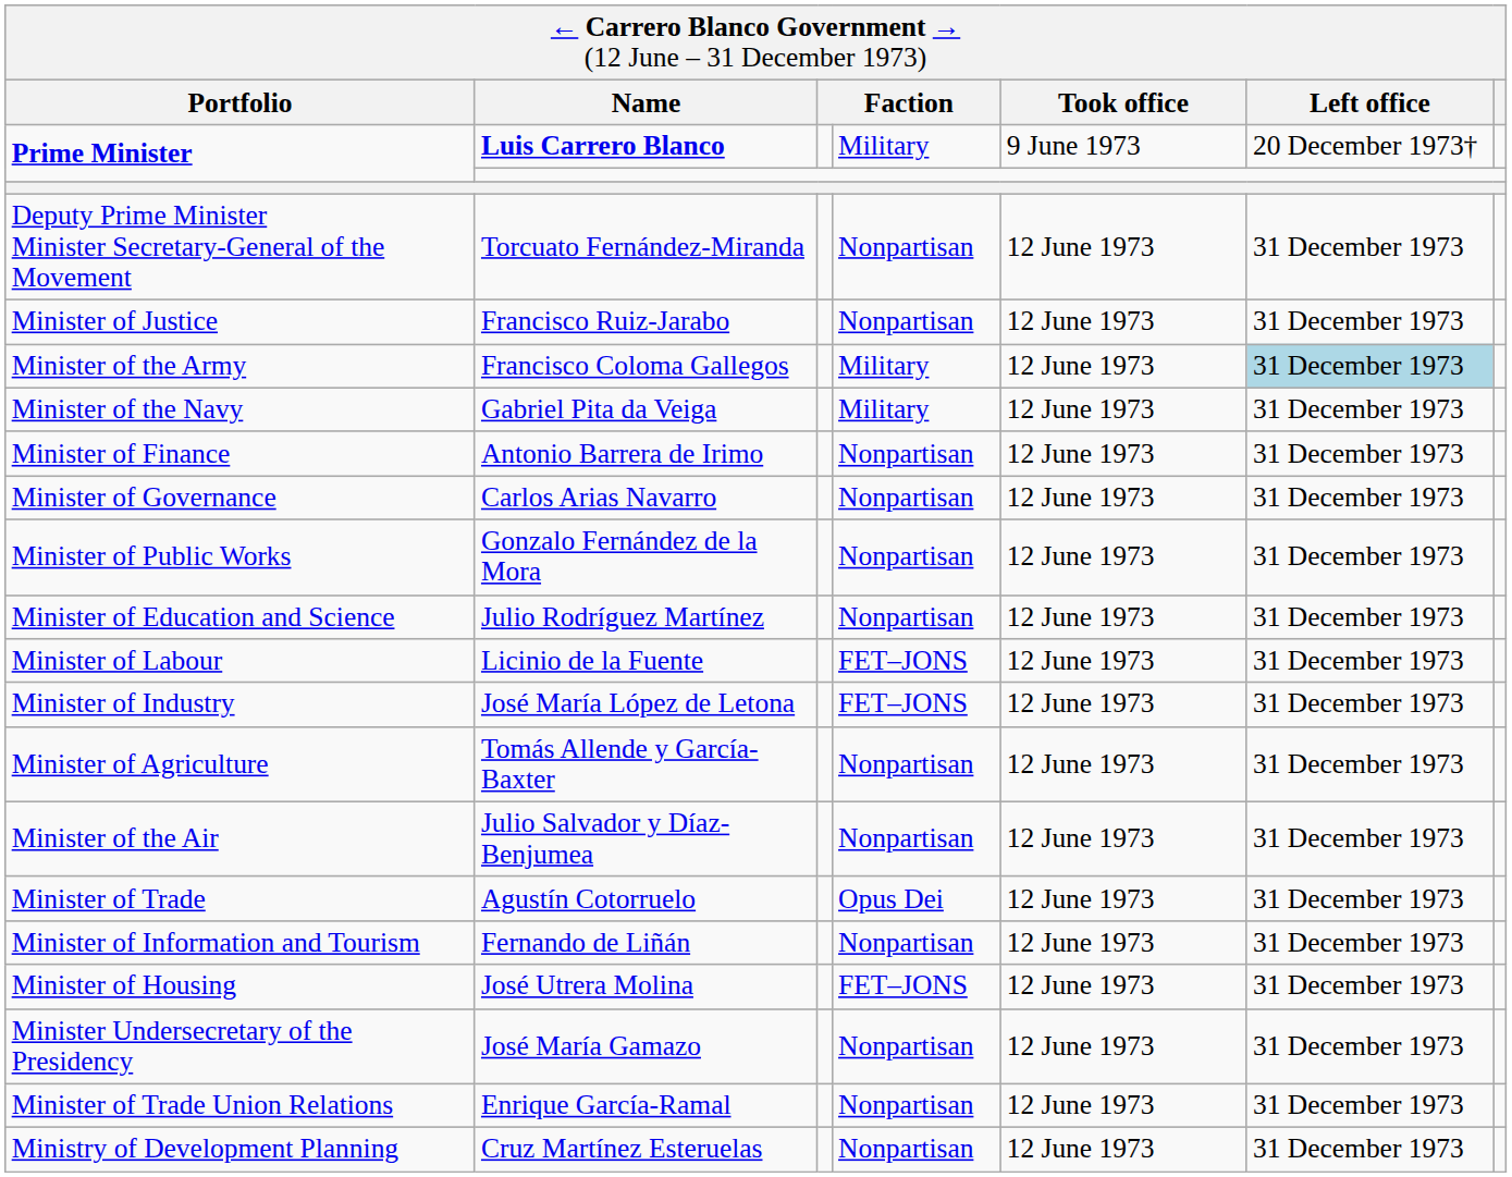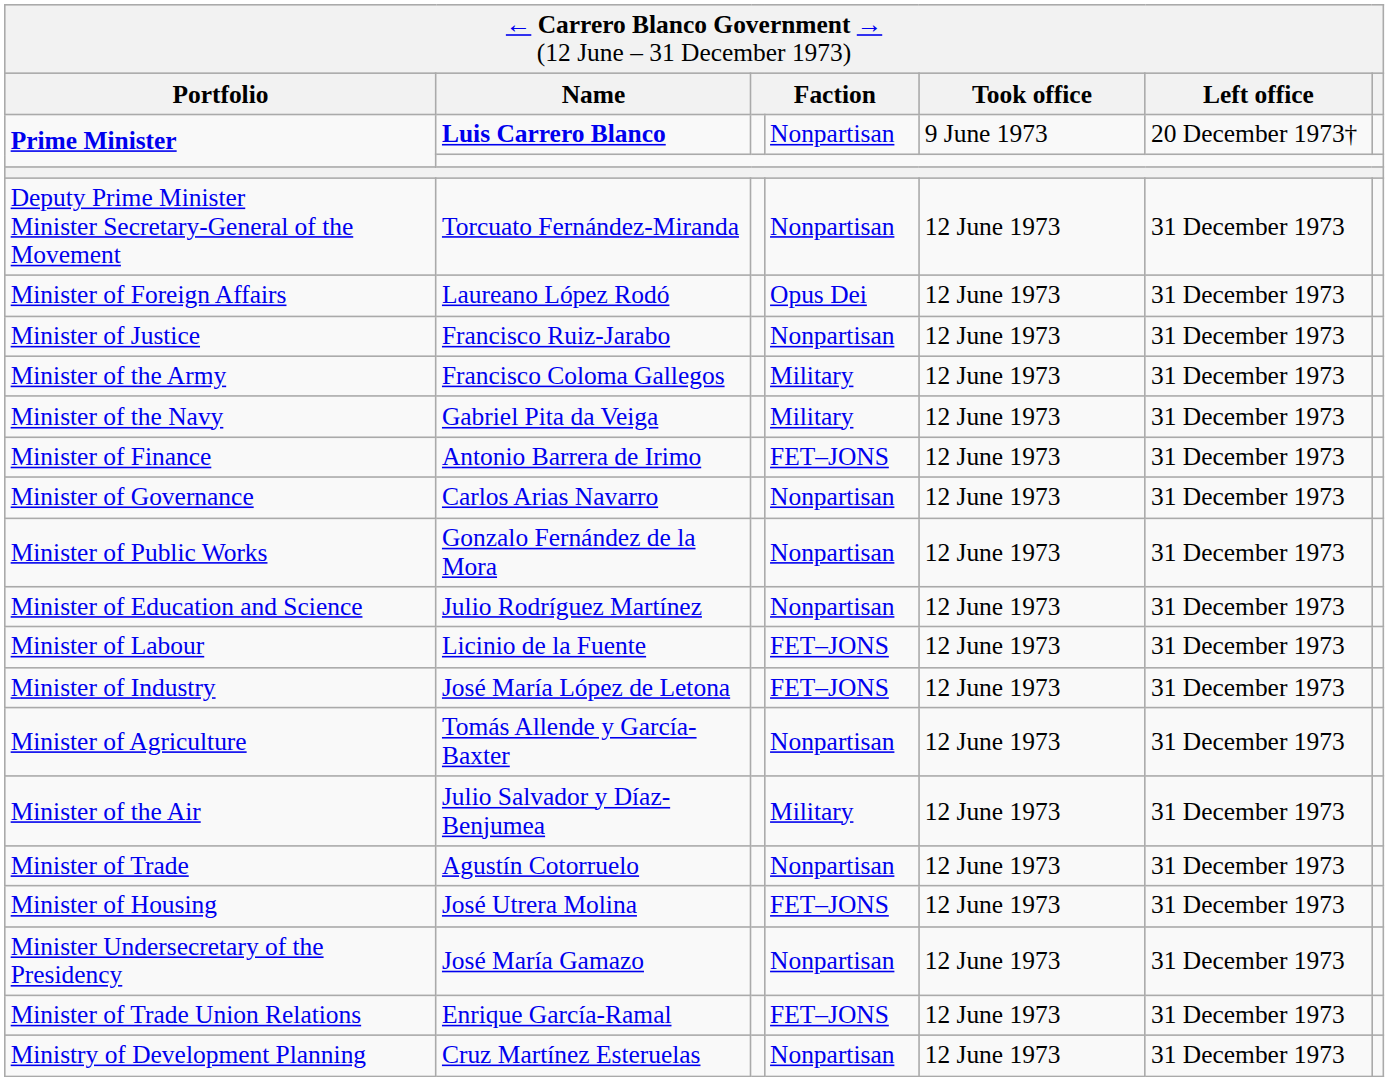 <table class="wikitable">
 <tr>
 <td colspan="7" bgcolor="#F2F2F2" align="center"><a href='#'>←</a> <strong>Carrero Blanco Government</strong> <a href='#'>→</a><br>(12 June – 31 December 1973)</td>
 </tr>
 <tr>
 <th>Portfolio</th>
 <th>Name</th>
 <th width="100px" colspan="2">Faction</th>
 <th width="135px">Took office</th>
 <th width="135px">Left office</th>
 <th></th>
 </tr>
 <tr>
 <td rowspan="2"><strong><a href='#'>Prime Minister</a></strong></td>
 <td><strong><a href='#'>Luis Carrero Blanco</a></strong></td>
 <td width="1" style="background-color:"></td>
-<td><a href='#'>Military</a></td>
+<td><a href='#'>Nonpartisan</a></td>
 <td>9 June 1973</td>
 <td>20 December 1973†</td>
 <td align="center"></td>
 </tr>
 <tr>
 <td colspan="6"></td>
 </tr>
 <tr>
 <th colspan="7"></th>
 </tr>
 <tr>
 <td><a href='#'>Deputy Prime Minister</a><br><a href='#'>Minister Secretary-General of the Movement</a></td>
 <td><a href='#'>Torcuato Fernández-Miranda</a></td>
 <td style="background-color:"></td>
 <td><a href='#'>Nonpartisan</a></td>
 <td>12 June 1973</td>
 <td>31 December 1973</td>
 <td align="center"><br></td>
 </tr>
 <tr>
+<td><a href='#'>Minister of Foreign Affairs</a></td>
+<td><a href='#'>Laureano López Rodó</a></td>
+<td style="background-color:"></td>
+<td><a href='#'>Opus Dei</a></td>
+<td>12 June 1973</td>
+<td>31 December 1973</td>
+<td align="center"></td>
+</tr>
+<tr>
 <td><a href='#'>Minister of Justice</a></td>
 <td><a href='#'>Francisco Ruiz-Jarabo</a></td>
 <td style="background-color:"></td>
 <td><a href='#'>Nonpartisan</a></td>
 <td>12 June 1973</td>
 <td>31 December 1973</td>
 <td align="center"></td>
 </tr>
 <tr>
 <td><a href='#'>Minister of the Army</a></td>
 <td><a href='#'>Francisco Coloma Gallegos</a></td>
 <td style="background-color:"></td>
 <td><a href='#'>Military</a></td>
 <td>12 June 1973</td>
-<td style="background: lightblue;">31 December 1973</td>
+<td>31 December 1973</td>
 <td align="center"></td>
 </tr>
 <tr>
 <td><a href='#'>Minister of the Navy</a></td>
 <td><a href='#'>Gabriel Pita da Veiga</a></td>
 <td style="background-color:"></td>
 <td><a href='#'>Military</a></td>
 <td>12 June 1973</td>
 <td>31 December 1973</td>
 <td align="center"></td>
 </tr>
 <tr>
 <td><a href='#'>Minister of Finance</a></td>
 <td><a href='#'>Antonio Barrera de Irimo</a></td>
 <td style="background-color:"></td>
-<td><a href='#'>Nonpartisan</a></td>
+<td><a href='#'>FET–JONS</a></td>
 <td>12 June 1973</td>
 <td>31 December 1973</td>
 <td align="center"></td>
 </tr>
 <tr>
 <td><a href='#'>Minister of Governance</a></td>
 <td><a href='#'>Carlos Arias Navarro</a></td>
 <td style="background-color:"></td>
 <td><a href='#'>Nonpartisan</a></td>
 <td>12 June 1973</td>
 <td>31 December 1973</td>
 <td align="center"></td>
 </tr>
 <tr>
 <td><a href='#'>Minister of Public Works</a></td>
 <td><a href='#'>Gonzalo Fernández de la Mora</a></td>
 <td style="background-color:"></td>
 <td><a href='#'>Nonpartisan</a></td>
 <td>12 June 1973</td>
 <td>31 December 1973</td>
 <td align="center"></td>
 </tr>
 <tr>
 <td><a href='#'>Minister of Education and Science</a></td>
 <td><a href='#'>Julio Rodríguez Martínez</a></td>
 <td style="background-color:"></td>
 <td><a href='#'>Nonpartisan</a></td>
 <td>12 June 1973</td>
 <td>31 December 1973</td>
 <td align="center"></td>
 </tr>
 <tr>
 <td><a href='#'>Minister of Labour</a></td>
 <td><a href='#'>Licinio de la Fuente</a></td>
 <td style="background-color:"></td>
 <td><a href='#'>FET–JONS</a></td>
 <td>12 June 1973</td>
 <td>31 December 1973</td>
 <td align="center"></td>
 </tr>
 <tr>
 <td><a href='#'>Minister of Industry</a></td>
 <td><a href='#'>José María López de Letona</a></td>
 <td style="background-color:"></td>
 <td><a href='#'>FET–JONS</a></td>
 <td>12 June 1973</td>
 <td>31 December 1973</td>
 <td align="center"></td>
 </tr>
 <tr>
 <td><a href='#'>Minister of Agriculture</a></td>
 <td><a href='#'>Tomás Allende y García-Baxter</a></td>
 <td style="background-color:"></td>
 <td><a href='#'>Nonpartisan</a></td>
 <td>12 June 1973</td>
 <td>31 December 1973</td>
 <td align="center"></td>
 </tr>
 <tr>
 <td><a href='#'>Minister of the Air</a></td>
 <td><a href='#'>Julio Salvador y Díaz-Benjumea</a></td>
 <td style="background-color:"></td>
-<td><a href='#'>Nonpartisan</a></td>
+<td><a href='#'>Military</a></td>
 <td>12 June 1973</td>
 <td>31 December 1973</td>
 <td align="center"></td>
 </tr>
 <tr>
 <td><a href='#'>Minister of Trade</a></td>
 <td><a href='#'>Agustín Cotorruelo</a></td>
-<td style="background-color:"></td>
-<td><a href='#'>Opus Dei</a></td>
-<td>12 June 1973</td>
-<td>31 December 1973</td>
-<td align="center"></td>
-</tr>
-<tr>
-<td><a href='#'>Minister of Information and Tourism</a></td>
-<td><a href='#'>Fernando de Liñán</a></td>
 <td style="background-color:"></td>
 <td><a href='#'>Nonpartisan</a></td>
 <td>12 June 1973</td>
 <td>31 December 1973</td>
 <td align="center"></td>
 </tr>
 <tr>
 <td><a href='#'>Minister of Housing</a></td>
 <td><a href='#'>José Utrera Molina</a></td>
 <td style="background-color:"></td>
 <td><a href='#'>FET–JONS</a></td>
 <td>12 June 1973</td>
 <td>31 December 1973</td>
 <td align="center"></td>
 </tr>
 <tr>
 <td><a href='#'>Minister Undersecretary of the Presidency</a></td>
 <td><a href='#'>José María Gamazo</a></td>
 <td style="background-color:"></td>
 <td><a href='#'>Nonpartisan</a></td>
 <td>12 June 1973</td>
 <td>31 December 1973</td>
 <td align="center"></td>
 </tr>
 <tr>
 <td><a href='#'>Minister of Trade Union Relations</a></td>
 <td><a href='#'>Enrique García-Ramal</a></td>
 <td style="background-color:"></td>
-<td><a href='#'>Nonpartisan</a></td>
+<td><a href='#'>FET–JONS</a></td>
 <td>12 June 1973</td>
 <td>31 December 1973</td>
 <td align="center"></td>
 </tr>
 <tr>
 <td><a href='#'>Ministry of Development Planning</a></td>
 <td><a href='#'>Cruz Martínez Esteruelas</a></td>
 <td style="background-color:"></td>
 <td><a href='#'>Nonpartisan</a></td>
 <td>12 June 1973</td>
 <td>31 December 1973</td>
 <td align="center"></td>
 </tr>
 </table>
